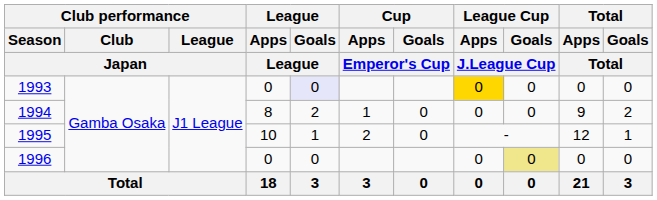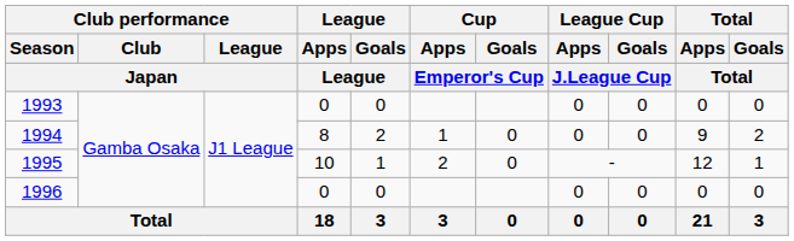 <table class="wikitable" style="text-align:center;">
 <tr>
 <th colspan=3>Club performance</th>
 <th colspan=2>League</th>
 <th colspan=2>Cup</th>
 <th colspan=2>League Cup</th>
 <th colspan=2>Total</th>
 </tr>
 <tr>
 <th>Season</th>
 <th>Club</th>
 <th>League</th>
 <th>Apps</th>
 <th>Goals</th>
 <th>Apps</th>
 <th>Goals</th>
 <th>Apps</th>
 <th>Goals</th>
 <th>Apps</th>
 <th>Goals</th>
 </tr>
 <tr>
 <th colspan=3>Japan</th>
 <th colspan=2>League</th>
 <th colspan=2><a href='#'>Emperor's Cup</a></th>
 <th colspan=2><a href='#'>J.League Cup</a></th>
 <th colspan=2>Total</th>
 </tr>
 <tr>
 <td><a href='#'>1993</a></td>
 <td rowspan="4"><a href='#'>Gamba Osaka</a></td>
 <td rowspan="4"><a href='#'>J1 League</a></td>
 <td>0</td>
-<td style="background: lavender;">0</td>
+<td>0</td>
 <td></td>
 <td></td>
-<td style="background: gold;">0</td>
+<td>0</td>
 <td>0</td>
 <td>0</td>
 <td>0</td>
 </tr>
 <tr>
 <td><a href='#'>1994</a></td>
 <td>8</td>
 <td>2</td>
 <td>1</td>
 <td>0</td>
 <td>0</td>
 <td>0</td>
 <td>9</td>
 <td>2</td>
 </tr>
 <tr>
 <td><a href='#'>1995</a></td>
 <td>10</td>
 <td>1</td>
 <td>2</td>
 <td>0</td>
 <td colspan="2">-</td>
 <td>12</td>
 <td>1</td>
 </tr>
 <tr>
 <td><a href='#'>1996</a></td>
 <td>0</td>
 <td>0</td>
 <td></td>
 <td></td>
 <td>0</td>
-<td style="background: khaki;">0</td>
+<td>0</td>
 <td>0</td>
 <td>0</td>
 </tr>
 <tr>
 <th colspan=3>Total</th>
 <th>18</th>
 <th>3</th>
 <th>3</th>
 <th>0</th>
 <th>0</th>
 <th>0</th>
 <th>21</th>
 <th>3</th>
 </tr>
 </table>
